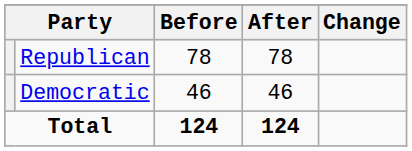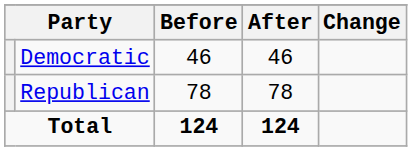 <table class="wikitable" style="text-align:center;">
 <tr>
 </tr>
 <tr>
 <th colspan=2>Party</th>
 <th>Before</th>
 <th>After</th>
 <th>Change</th>
 </tr>
 <tr>
 <th style="background-color:"></th>
-<td style="text-align:left;"><a href='#'>Republican</a></td>
-<td>78</td>
-<td>78</td>
+<td style="text-align:left;"><a href='#'>Democratic</a></td>
+<td>46</td>
+<td>46</td>
 <td></td>
 </tr>
 <tr>
 <th style="background-color:"></th>
-<td style="text-align:left;"><a href='#'>Democratic</a></td>
-<td>46</td>
-<td>46</td>
+<td style="text-align:left;"><a href='#'>Republican</a></td>
+<td>78</td>
+<td>78</td>
 <td></td>
 </tr>
 <tr>
 <td colspan=2><strong>Total</strong></td>
 <td><strong>124</strong></td>
 <td><strong>124</strong></td>
 <td></td>
 </tr>
 </table>
